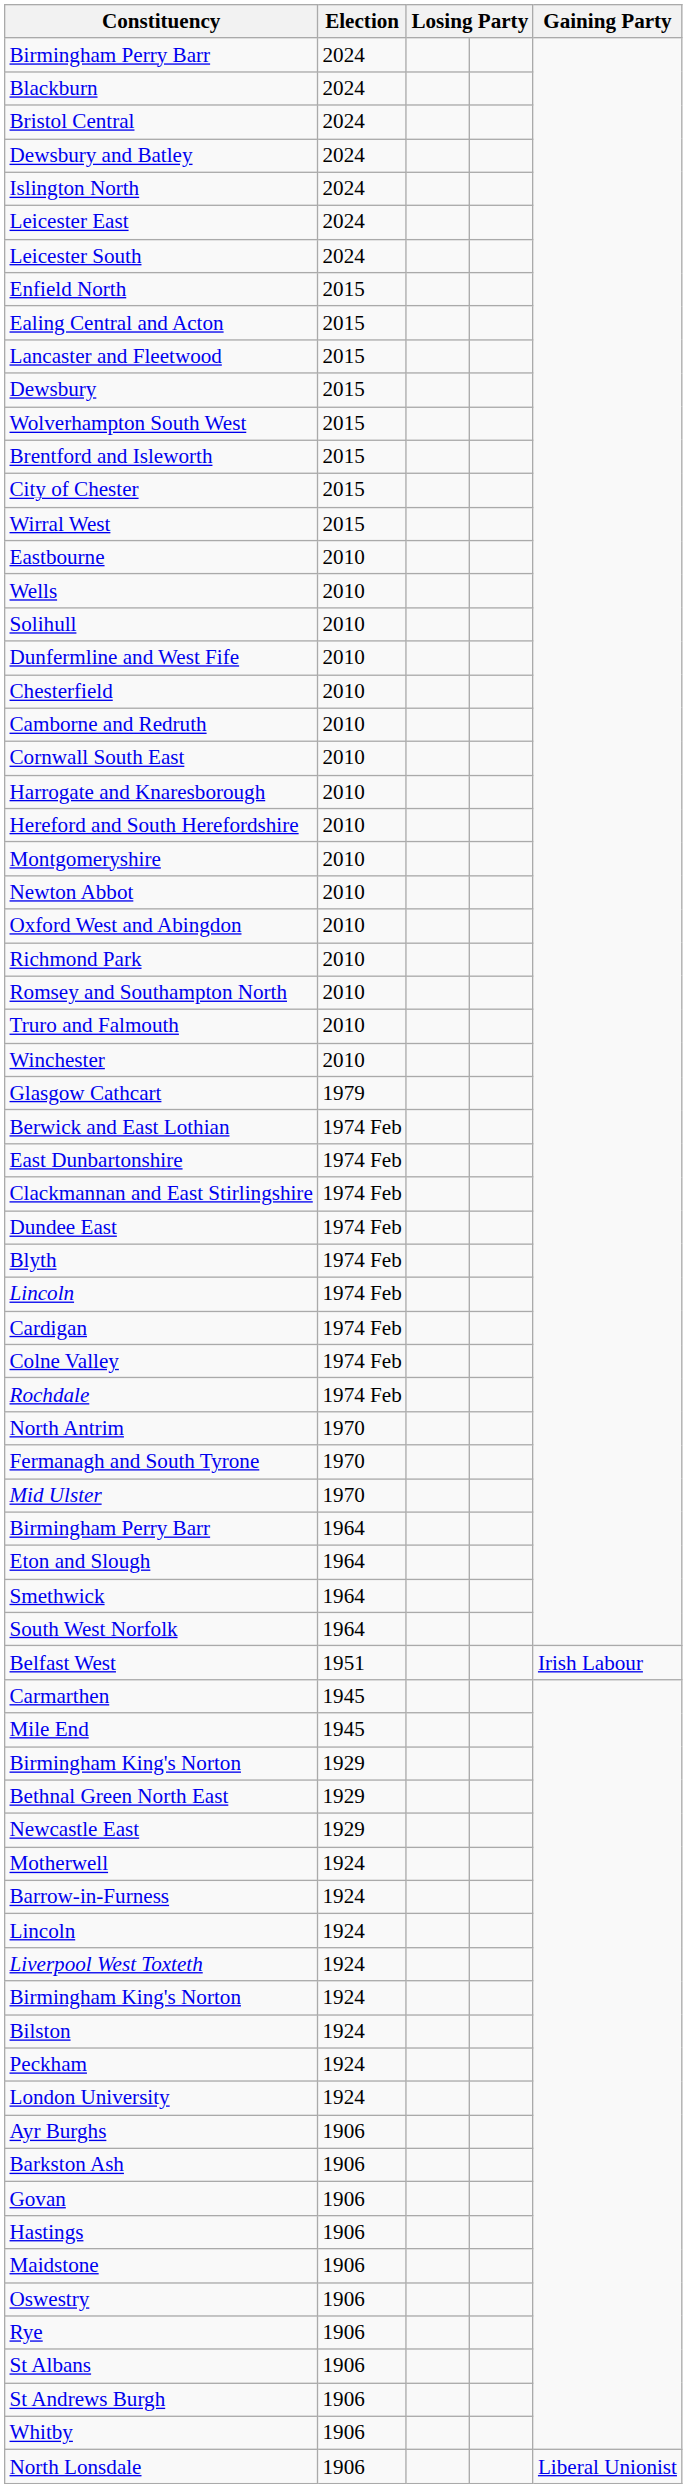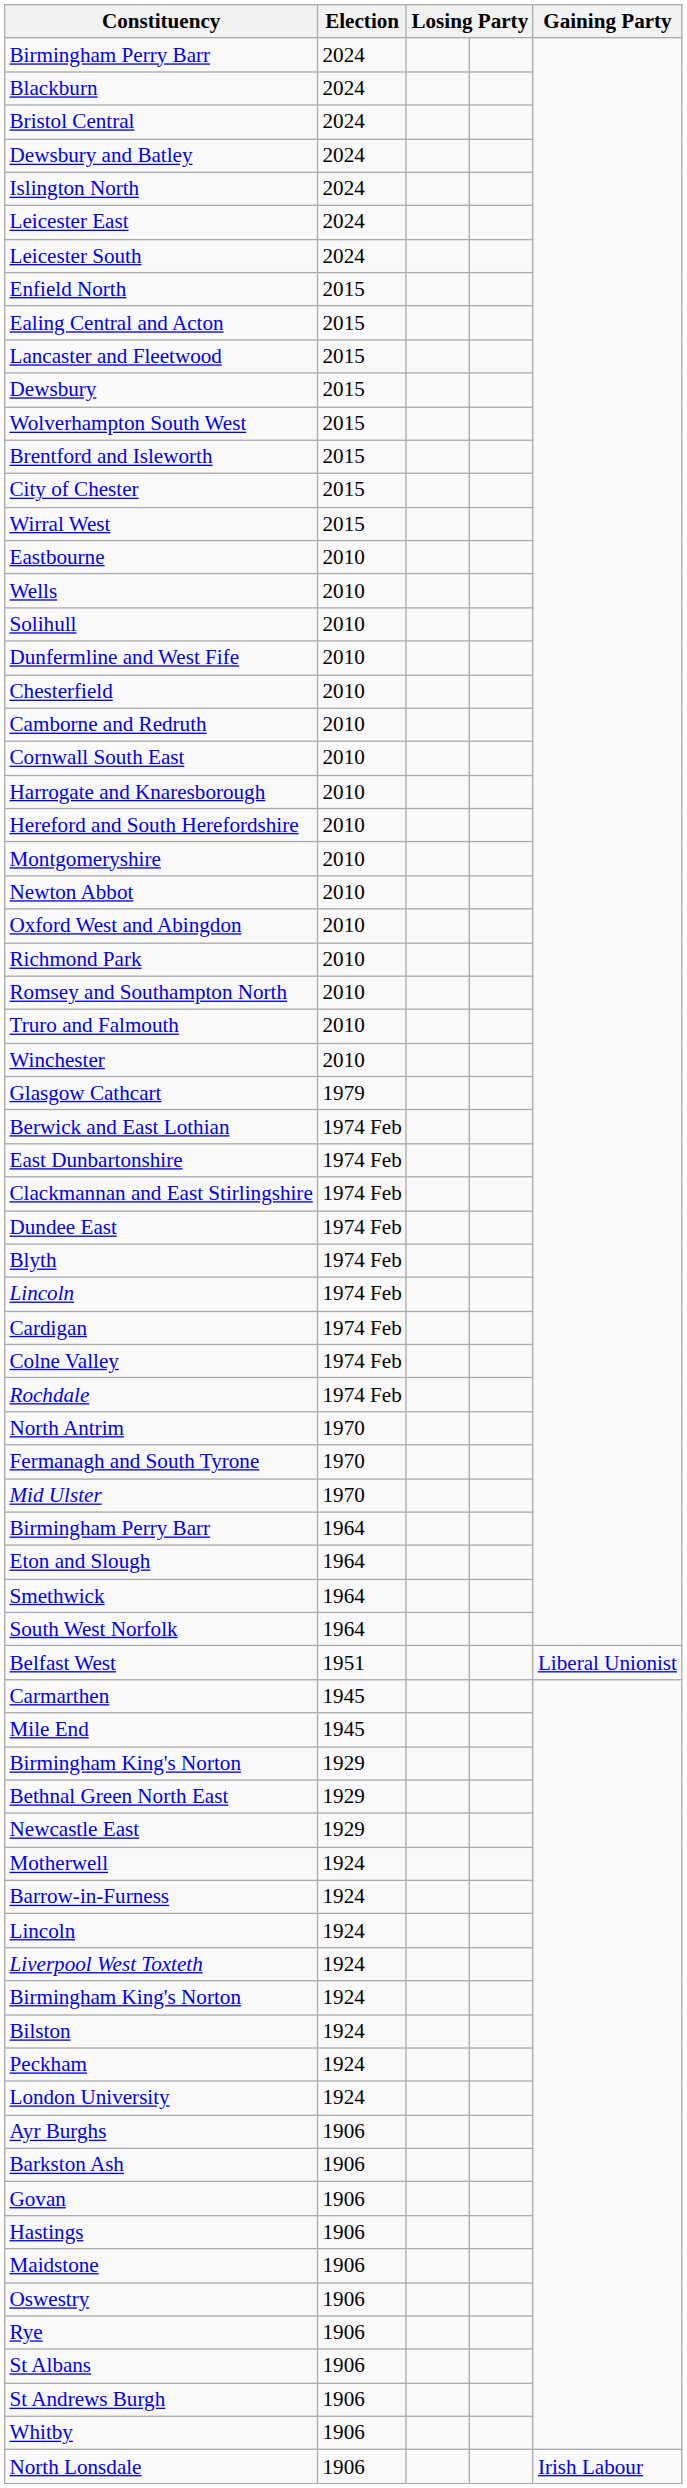 <table class="wikitable sortable">
 <tr>
 <th>Constituency</th>
 <th>Election</th>
 <th colspan="2">Losing Party</th>
 <th colspan="2">Gaining Party</th>
 </tr>
 <tr>
 <td><a href='#'>Birmingham Perry Barr</a></td>
 <td>2024</td>
 <td></td>
 <td></td>
 </tr>
 <tr>
 <td><a href='#'>Blackburn</a></td>
 <td>2024</td>
 <td></td>
 <td></td>
 </tr>
 <tr>
 <td><a href='#'>Bristol Central</a></td>
 <td>2024</td>
 <td></td>
 <td></td>
 </tr>
 <tr>
 <td><a href='#'>Dewsbury and Batley</a></td>
 <td>2024</td>
 <td></td>
 <td></td>
 </tr>
 <tr>
 <td><a href='#'>Islington North</a></td>
 <td>2024</td>
 <td></td>
 <td></td>
 </tr>
 <tr>
 <td><a href='#'>Leicester East</a></td>
 <td>2024</td>
 <td></td>
 <td></td>
 </tr>
 <tr>
 <td><a href='#'>Leicester South</a></td>
 <td>2024</td>
 <td></td>
 <td></td>
 </tr>
 <tr>
 <td><a href='#'>Enfield North</a></td>
 <td>2015</td>
 <td></td>
 <td></td>
 </tr>
 <tr>
 <td><a href='#'>Ealing Central and Acton</a></td>
 <td>2015</td>
 <td></td>
 <td></td>
 </tr>
 <tr>
 <td><a href='#'>Lancaster and Fleetwood</a></td>
 <td>2015</td>
 <td></td>
 <td></td>
 </tr>
 <tr>
 <td><a href='#'>Dewsbury</a></td>
 <td>2015</td>
 <td></td>
 <td></td>
 </tr>
 <tr>
 <td><a href='#'>Wolverhampton South West</a></td>
 <td>2015</td>
 <td></td>
 <td></td>
 </tr>
 <tr>
 <td><a href='#'>Brentford and Isleworth</a></td>
 <td>2015</td>
 <td></td>
 <td></td>
 </tr>
 <tr>
 <td><a href='#'>City of Chester</a></td>
 <td>2015</td>
 <td></td>
 <td></td>
 </tr>
 <tr>
 <td><a href='#'>Wirral West</a></td>
 <td>2015</td>
 <td></td>
 <td></td>
 </tr>
 <tr>
 <td><a href='#'>Eastbourne</a></td>
 <td>2010</td>
 <td></td>
 <td></td>
 </tr>
 <tr>
 <td><a href='#'>Wells</a></td>
 <td>2010</td>
 <td></td>
 <td></td>
 </tr>
 <tr>
 <td><a href='#'>Solihull</a></td>
 <td>2010</td>
 <td></td>
 <td></td>
 </tr>
 <tr>
 <td><a href='#'>Dunfermline and West Fife</a></td>
 <td>2010</td>
 <td></td>
 <td></td>
 </tr>
 <tr>
 <td><a href='#'>Chesterfield</a></td>
 <td>2010</td>
 <td></td>
 <td></td>
 </tr>
 <tr>
 <td><a href='#'>Camborne and Redruth</a></td>
 <td>2010</td>
 <td></td>
 <td></td>
 </tr>
 <tr>
 <td><a href='#'>Cornwall South East</a></td>
 <td>2010</td>
 <td></td>
 <td></td>
 </tr>
 <tr>
 <td><a href='#'>Harrogate and Knaresborough</a></td>
 <td>2010</td>
 <td></td>
 <td></td>
 </tr>
 <tr>
 <td><a href='#'>Hereford and South Herefordshire</a></td>
 <td>2010</td>
 <td></td>
 <td></td>
 </tr>
 <tr>
 <td><a href='#'>Montgomeryshire</a></td>
 <td>2010</td>
 <td></td>
 <td></td>
 </tr>
 <tr>
 <td><a href='#'>Newton Abbot</a></td>
 <td>2010</td>
 <td></td>
 <td></td>
 </tr>
 <tr>
 <td><a href='#'>Oxford West and Abingdon</a></td>
 <td>2010</td>
 <td></td>
 <td></td>
 </tr>
 <tr>
 <td><a href='#'>Richmond Park</a></td>
 <td>2010</td>
 <td></td>
 <td></td>
 </tr>
 <tr>
 <td><a href='#'>Romsey and Southampton North</a></td>
 <td>2010</td>
 <td></td>
 <td></td>
 </tr>
 <tr>
 <td><a href='#'>Truro and Falmouth</a></td>
 <td>2010</td>
 <td></td>
 <td></td>
 </tr>
 <tr>
 <td><a href='#'>Winchester</a></td>
 <td>2010</td>
 <td></td>
 <td></td>
 </tr>
 <tr>
 <td><a href='#'>Glasgow Cathcart</a></td>
 <td>1979</td>
 <td></td>
 <td></td>
 </tr>
 <tr>
 <td><a href='#'>Berwick and East Lothian</a></td>
 <td>1974 Feb</td>
 <td></td>
 <td></td>
 </tr>
 <tr>
 <td><a href='#'>East Dunbartonshire</a></td>
 <td>1974 Feb</td>
 <td></td>
 <td></td>
 </tr>
 <tr>
 <td><a href='#'>Clackmannan and East Stirlingshire</a></td>
 <td>1974 Feb</td>
 <td></td>
 <td></td>
 </tr>
 <tr>
 <td><a href='#'>Dundee East</a></td>
 <td>1974 Feb</td>
 <td></td>
 <td></td>
 </tr>
 <tr>
 <td><a href='#'>Blyth</a></td>
 <td>1974 Feb</td>
 <td></td>
 <td></td>
 </tr>
 <tr>
 <td><a href='#'><em>Lincoln</em></a></td>
 <td>1974 Feb</td>
 <td></td>
 <td></td>
 </tr>
 <tr>
 <td><a href='#'>Cardigan</a></td>
 <td>1974 Feb</td>
 <td></td>
 <td></td>
 </tr>
 <tr>
 <td><a href='#'>Colne Valley</a></td>
 <td>1974 Feb</td>
 <td></td>
 <td></td>
 </tr>
 <tr>
 <td><a href='#'><em>Rochdale</em></a></td>
 <td>1974 Feb</td>
 <td></td>
 <td></td>
 </tr>
 <tr>
 <td><a href='#'>North Antrim</a></td>
 <td>1970</td>
 <td></td>
 <td></td>
 </tr>
 <tr>
 <td><a href='#'>Fermanagh and South Tyrone</a></td>
 <td>1970</td>
 <td></td>
 <td></td>
 </tr>
 <tr>
 <td><a href='#'><em>Mid Ulster</em></a></td>
 <td>1970</td>
 <td></td>
 <td></td>
 </tr>
 <tr>
 <td><a href='#'>Birmingham Perry Barr</a></td>
 <td>1964</td>
 <td></td>
 <td></td>
 </tr>
 <tr>
 <td><a href='#'>Eton and Slough</a></td>
 <td>1964</td>
 <td></td>
 <td></td>
 </tr>
 <tr>
 <td><a href='#'>Smethwick</a></td>
 <td>1964</td>
 <td></td>
 <td></td>
 </tr>
 <tr>
 <td><a href='#'>South West Norfolk</a></td>
 <td>1964</td>
 <td></td>
 <td></td>
 </tr>
 <tr>
 <td><a href='#'>Belfast West</a></td>
 <td>1951</td>
 <td></td>
 <td style="background-color: "></td>
-<td><a href='#'>Irish Labour</a></td>
+<td><a href='#'>Liberal Unionist</a></td>
 </tr>
 <tr>
 <td><a href='#'>Carmarthen</a></td>
 <td>1945</td>
 <td></td>
 <td></td>
 </tr>
 <tr>
 <td><a href='#'>Mile End</a></td>
 <td>1945</td>
 <td></td>
 <td></td>
 </tr>
 <tr>
 <td><a href='#'>Birmingham King's Norton</a></td>
 <td>1929</td>
 <td></td>
 <td></td>
 </tr>
 <tr>
 <td><a href='#'>Bethnal Green North East</a></td>
 <td>1929</td>
 <td></td>
 <td></td>
 </tr>
 <tr>
 <td><a href='#'>Newcastle East</a></td>
 <td>1929</td>
 <td></td>
 <td></td>
 </tr>
 <tr>
 <td><a href='#'>Motherwell</a></td>
 <td>1924</td>
 <td></td>
 <td></td>
 </tr>
 <tr>
 <td><a href='#'>Barrow-in-Furness</a></td>
 <td>1924</td>
 <td></td>
 <td></td>
 </tr>
 <tr>
 <td><a href='#'>Lincoln</a></td>
 <td>1924</td>
 <td></td>
 <td></td>
 </tr>
 <tr>
 <td><a href='#'><em>Liverpool West Toxteth</em></a></td>
 <td>1924</td>
 <td></td>
 <td></td>
 </tr>
 <tr>
 <td><a href='#'>Birmingham King's Norton</a></td>
 <td>1924</td>
 <td></td>
 <td></td>
 </tr>
 <tr>
 <td><a href='#'>Bilston</a></td>
 <td>1924</td>
 <td></td>
 <td></td>
 </tr>
 <tr>
 <td><a href='#'>Peckham</a></td>
 <td>1924</td>
 <td></td>
 <td></td>
 </tr>
 <tr>
 <td><a href='#'>London University</a></td>
 <td>1924</td>
 <td></td>
 <td></td>
 </tr>
 <tr>
 <td><a href='#'>Ayr Burghs</a></td>
 <td>1906</td>
 <td></td>
 <td></td>
 </tr>
 <tr>
 <td><a href='#'>Barkston Ash</a></td>
 <td>1906</td>
 <td></td>
 <td></td>
 </tr>
 <tr>
 <td><a href='#'>Govan</a></td>
 <td>1906</td>
 <td></td>
 <td></td>
 </tr>
 <tr>
 <td><a href='#'>Hastings</a></td>
 <td>1906</td>
 <td></td>
 <td></td>
 </tr>
 <tr>
 <td><a href='#'>Maidstone</a></td>
 <td>1906</td>
 <td></td>
 <td></td>
 </tr>
 <tr>
 <td><a href='#'>Oswestry</a></td>
 <td>1906</td>
 <td></td>
 <td></td>
 </tr>
 <tr>
 <td><a href='#'>Rye</a></td>
 <td>1906</td>
 <td></td>
 <td></td>
 </tr>
 <tr>
 <td><a href='#'>St Albans</a></td>
 <td>1906</td>
 <td></td>
 <td></td>
 </tr>
 <tr>
 <td><a href='#'>St Andrews Burgh</a></td>
 <td>1906</td>
 <td></td>
 <td></td>
 </tr>
 <tr>
 <td><a href='#'>Whitby</a></td>
 <td>1906</td>
 <td></td>
 <td></td>
 </tr>
 <tr>
 <td><a href='#'>North Lonsdale</a></td>
 <td>1906</td>
 <td></td>
 <td style="background-color: "></td>
-<td><a href='#'>Liberal Unionist</a></td>
+<td><a href='#'>Irish Labour</a></td>
 </tr>
 </table>
